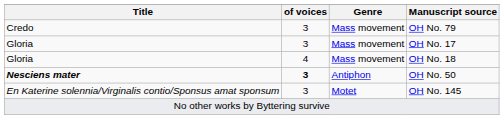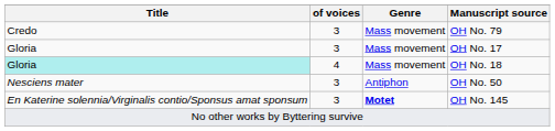 <table class = "wikitable sortable plainrowheaders">
 <tr>
 </tr>
 <tr>
 <th scope="col">Title</th>
 <th scope="col"> of voices</th>
 <th scope="col">Genre</th>
 <th scope="col">Manuscript source</th>
 </tr>
 <tr>
 <td>Credo</td>
 <td style="text-align: center;">3</td>
 <td><a href='#'>Mass</a> movement</td>
 <td><a href='#'>OH</a> No. 79</td>
 </tr>
 <tr>
 <td>Gloria</td>
 <td style="text-align: center;">3</td>
 <td><a href='#'>Mass</a> movement</td>
 <td><a href='#'>OH</a> No. 17</td>
 </tr>
 <tr>
-<td>Gloria</td>
+<td style="background: paleturquoise;">Gloria</td>
 <td style="text-align: center;">4</td>
 <td><a href='#'>Mass</a> movement</td>
 <td><a href='#'>OH</a> No. 18</td>
 </tr>
 <tr>
-<td><strong><em>Nesciens mater</em></strong></td>
-<td style="text-align: center;"><strong>3</strong></td>
+<td><em>Nesciens mater</em></td>
+<td style="text-align: center;">3</td>
 <td><a href='#'>Antiphon</a></td>
 <td><a href='#'>OH</a> No. 50</td>
 </tr>
 <tr>
 <td><em>En Katerine solennia/Virginalis contio/Sponsus amat sponsum</em></td>
 <td style="text-align: center;">3</td>
-<td><a href='#'>Motet</a></td>
+<td><strong><a href='#'>Motet</a></strong></td>
 <td><a href='#'>OH</a> No. 145</td>
 </tr>
 <tr>
 <td colspan=6 style="background-color: #EAECF0" align="center" data-sort-value="ZZZZ">No other works by Byttering survive</td>
 </tr>
 </table>
